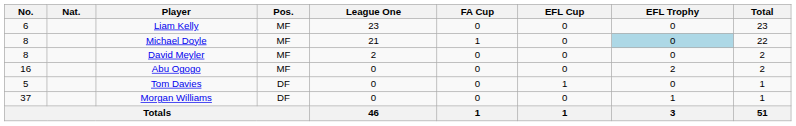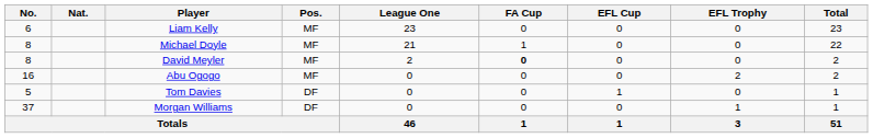 <table class="wikitable sortable alternance" style="font-size:85%; text-align:center; line-height:14px; width:70%;">
 <tr>
 <th>No.</th>
 <th>Nat.</th>
 <th>Player</th>
 <th>Pos.</th>
 <th>League One</th>
 <th>FA Cup</th>
 <th>EFL Cup</th>
 <th>EFL Trophy</th>
 <th>Total</th>
 </tr>
 <tr>
 <td>6</td>
 <td></td>
 <td><a href='#'>Liam Kelly</a></td>
 <td>MF</td>
 <td>23</td>
 <td>0</td>
 <td>0</td>
 <td>0</td>
 <td>23</td>
 </tr>
 <tr>
 <td>8</td>
 <td></td>
 <td><a href='#'>Michael Doyle</a></td>
 <td>MF</td>
 <td>21</td>
 <td>1</td>
 <td>0</td>
-<td style="background: lightblue;">0</td>
+<td>0</td>
 <td>22</td>
 </tr>
 <tr>
 <td>8</td>
 <td></td>
 <td><a href='#'>David Meyler</a></td>
 <td>MF</td>
 <td>2</td>
-<td>0</td>
+<td><strong>0</strong></td>
 <td>0</td>
 <td>0</td>
 <td>2</td>
 </tr>
 <tr>
 <td>16</td>
 <td></td>
 <td><a href='#'>Abu Ogogo</a></td>
 <td>MF</td>
 <td>0</td>
 <td>0</td>
 <td>0</td>
 <td>2</td>
 <td>2</td>
 </tr>
 <tr>
 <td>5</td>
 <td></td>
 <td><a href='#'>Tom Davies</a></td>
 <td>DF</td>
 <td>0</td>
 <td>0</td>
 <td>1</td>
 <td>0</td>
 <td>1</td>
 </tr>
 <tr>
 <td>37</td>
 <td></td>
 <td><a href='#'>Morgan Williams</a></td>
 <td>DF</td>
 <td>0</td>
 <td>0</td>
 <td>0</td>
 <td>1</td>
 <td>1</td>
 </tr>
 <tr class="sortbottom">
 <th colspan="4">Totals</th>
 <th>46</th>
 <th>1</th>
 <th>1</th>
 <th>3</th>
 <th>51</th>
 </tr>
 </table>
